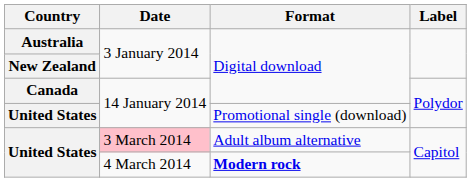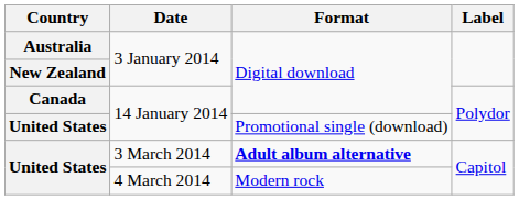 <table class="wikitable plainrowheaders">
 <tr>
 <th scope="col">Country</th>
 <th scope="col">Date</th>
 <th scope="col">Format</th>
 <th scope="col">Label</th>
 </tr>
 <tr>
 <th scope="row">Australia</th>
 <td rowspan="2">3 January 2014</td>
 <td rowspan="3"><a href='#'>Digital download</a></td>
 <td rowspan="2"></td>
 </tr>
 <tr>
 <th scope="row">New Zealand</th>
 </tr>
 <tr>
 <th scope="row">Canada</th>
 <td rowspan="2">14 January 2014</td>
 <td rowspan="2"><a href='#'>Polydor</a></td>
 </tr>
 <tr>
 <th scope="row">United States</th>
 <td><a href='#'>Promotional single</a> (download)</td>
 </tr>
 <tr>
 <th scope="row" rowspan="2">United States</th>
-<td style="background: pink;">3 March 2014</td>
-<td><a href='#'>Adult album alternative</a></td>
+<td>3 March 2014</td>
+<td><strong><a href='#'>Adult album alternative</a></strong></td>
 <td rowspan="2"><a href='#'>Capitol</a></td>
 </tr>
 <tr>
 <td>4 March 2014</td>
-<td><strong><a href='#'>Modern rock</a></strong></td>
+<td><a href='#'>Modern rock</a></td>
 </tr>
 </table>
